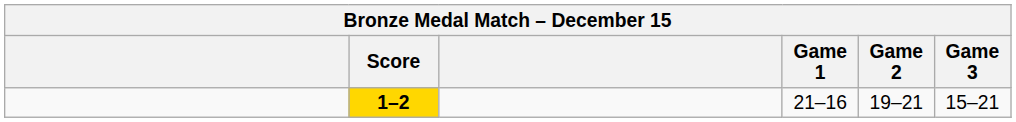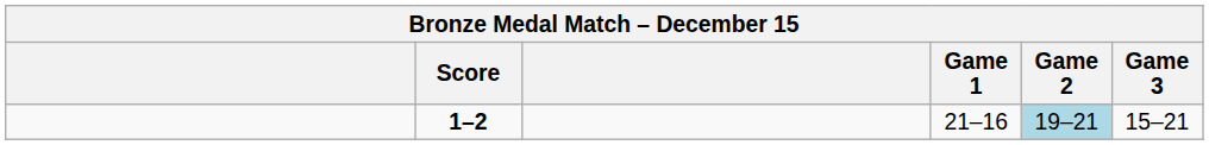 <table class="wikitable" style="text-align: center; font-size:90% ">
 <tr>
 <th colspan=6>Bronze Medal Match – December 15</th>
 </tr>
 <tr>
 <th align="right" width="250"></th>
 <th width="60">Score</th>
 <th align="left" width="250"></th>
 <th width="50">Game 1</th>
 <th width="50">Game 2</th>
 <th width="50">Game 3</th>
 </tr>
 <tr>
 <td align=left></td>
-<td align=center style="background: gold;"><strong>1–2</strong></td>
+<td align=center><strong>1–2</strong></td>
 <td align=left><strong></strong></td>
 <td>21–16</td>
-<td>19–21</td>
+<td style="background: lightblue;">19–21</td>
 <td>15–21</td>
 </tr>
 </table>
